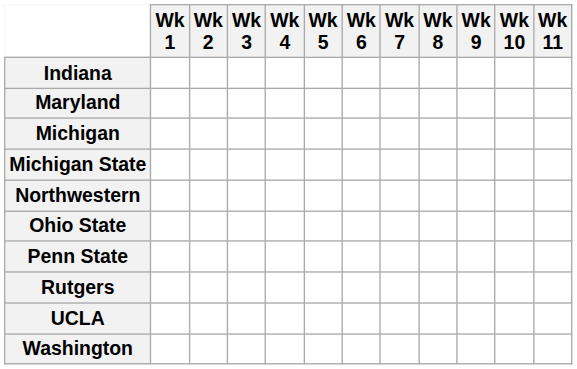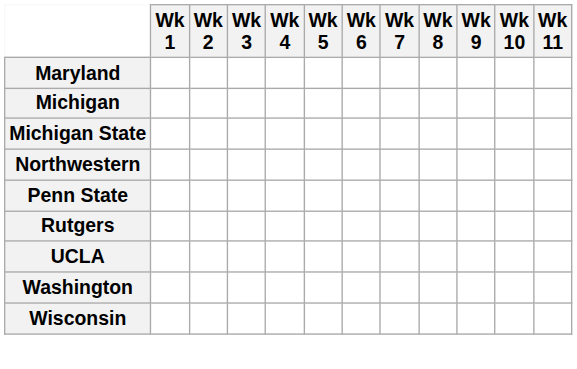 <table class="wikitable" style="white-space:nowrap;font-size:90%;text-align:center;">
 <tr>
 <th style="background:white; border-top-style:hidden; border-left-style:hidden;"> </th>
 <th>Wk<br> 1</th>
 <th>Wk<br>2</th>
 <th>Wk<br>3</th>
 <th>Wk<br>4</th>
 <th>Wk<br>5</th>
 <th>Wk<br>6</th>
 <th>Wk<br>7</th>
 <th>Wk<br>8</th>
 <th>Wk<br>9</th>
 <th>Wk<br>10</th>
 <th>Wk<br>11</th>
-</tr>
-<tr>
-<th>Indiana</th>
-<td style="background:#FFF;"></td>
-<td style="background:#FFF;"></td>
-<td style="background:#FFF;"></td>
-<td style="background:#FFF;"></td>
-<td style="background:#FFF;"></td>
-<td style="background:#FFF;"></td>
-<td style="background:#FFF;"></td>
-<td style="background:#FFF;"></td>
-<td style="background:#FFF;"></td>
-<td style="background:#FFF;"></td>
-<td style="background:#FFF;"></td>
 </tr>
 <tr>
 <th>Maryland</th>
 <td style="background:#FFF;"></td>
 <td style="background:#FFF;"></td>
 <td style="background:#FFF;"></td>
 <td style="background:#FFF;"></td>
 <td style="background:#FFF;"></td>
 <td style="background:#FFF;"></td>
 <td style="background:#FFF;"></td>
 <td style="background:#FFF;"></td>
 <td style="background:#FFF;"></td>
 <td style="background:#FFF;"></td>
 <td style="background:#FFF;"></td>
 </tr>
 <tr>
 <th>Michigan</th>
 <td style="background:#FFF;"></td>
 <td style="background:#FFF;"></td>
 <td style="background:#FFF;"></td>
 <td style="background:#FFF;"></td>
 <td style="background:#FFF;"></td>
 <td style="background:#FFF;"></td>
 <td style="background:#FFF;"></td>
 <td style="background:#FFF;"></td>
 <td style="background:#FFF;"></td>
 <td style="background:#FFF;"></td>
 <td style="background:#FFF;"></td>
 </tr>
 <tr>
 <th>Michigan State</th>
 <td style="background:#FFF;"></td>
 <td style="background:#FFF;"></td>
 <td style="background:#FFF;"></td>
 <td style="background:#FFF;"></td>
 <td style="background:#FFF;"></td>
 <td style="background:#FFF;"></td>
 <td style="background:#FFF;"></td>
 <td style="background:#FFF;"></td>
 <td style="background:#FFF;"></td>
 <td style="background:#FFF;"></td>
 <td style="background:#FFF;"></td>
 </tr>
 <tr>
 <th>Northwestern</th>
-<td style="background:#FFF;"></td>
-<td style="background:#FFF;"></td>
-<td style="background:#FFF;"></td>
-<td style="background:#FFF;"></td>
-<td style="background:#FFF;"></td>
-<td style="background:#FFF;"></td>
-<td style="background:#FFF;"></td>
-<td style="background:#FFF;"></td>
-<td style="background:#FFF;"></td>
-<td style="background:#FFF;"></td>
-<td style="background:#FFF;"></td>
-</tr>
-<tr>
-<th>Ohio State</th>
 <td style="background:#FFF;"></td>
 <td style="background:#FFF;"></td>
 <td style="background:#FFF;"></td>
 <td style="background:#FFF;"></td>
 <td style="background:#FFF;"></td>
 <td style="background:#FFF;"></td>
 <td style="background:#FFF;"></td>
 <td style="background:#FFF;"></td>
 <td style="background:#FFF;"></td>
 <td style="background:#FFF;"></td>
 <td style="background:#FFF;"></td>
 </tr>
 <tr>
 <th>Penn State</th>
 <td style="background:#FFF;"></td>
 <td style="background:#FFF;"></td>
 <td style="background:#FFF;"></td>
 <td style="background:#FFF;"></td>
 <td style="background:#FFF;"></td>
 <td style="background:#FFF;"></td>
 <td style="background:#FFF;"></td>
 <td style="background:#FFF;"></td>
 <td style="background:#FFF;"></td>
 <td style="background:#FFF;"></td>
 <td style="background:#FFF;"></td>
 </tr>
 <tr>
 <th>Rutgers</th>
 <td style="background:#FFF;"></td>
 <td style="background:#FFF;"></td>
 <td style="background:#FFF;"></td>
 <td style="background:#FFF;"></td>
 <td style="background:#FFF;"></td>
 <td style="background:#FFF;"></td>
 <td style="background:#FFF;"></td>
 <td style="background:#FFF;"></td>
 <td style="background:#FFF;"></td>
 <td style="background:#FFF;"></td>
 <td style="background:#FFF;"></td>
 </tr>
 <tr>
 <th>UCLA</th>
 <td style="background:#FFF;"></td>
 <td style="background:#FFF;"></td>
 <td style="background:#FFF;"></td>
 <td style="background:#FFF;"></td>
 <td style="background:#FFF;"></td>
 <td style="background:#FFF;"></td>
 <td style="background:#FFF;"></td>
 <td style="background:#FFF;"></td>
 <td style="background:#FFF;"></td>
 <td style="background:#FFF;"></td>
 <td style="background:#FFF;"></td>
 </tr>
 <tr>
 <th>Washington</th>
 <td style="background:#FFF;"></td>
 <td style="background:#FFF;"></td>
 <td style="background:#FFF;"></td>
 <td style="background:#FFF;"></td>
 <td style="background:#FFF;"></td>
 <td style="background:#FFF;"></td>
 <td style="background:#FFF;"></td>
 <td style="background:#FFF;"></td>
 <td style="background:#FFF;"></td>
 <td style="background:#FFF;"></td>
 <td style="background:#FFF;"></td>
 </tr>
+<tr>
+<th>Wisconsin</th>
+<td style="background:#FFF;"></td>
+<td style="background:#FFF;"></td>
+<td style="background:#FFF;"></td>
+<td style="background:#FFF;"></td>
+<td style="background:#FFF;"></td>
+<td style="background:#FFF;"></td>
+<td style="background:#FFF;"></td>
+<td style="background:#FFF;"></td>
+<td style="background:#FFF;"></td>
+<td style="background:#FFF;"></td>
+<td style="background:#FFF;"></td>
+</tr>
 </table>
